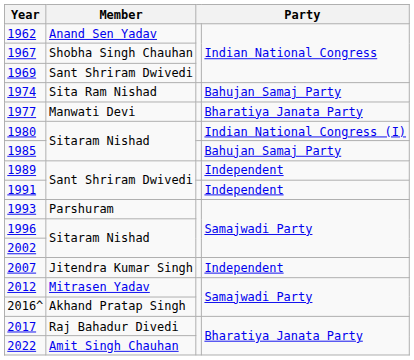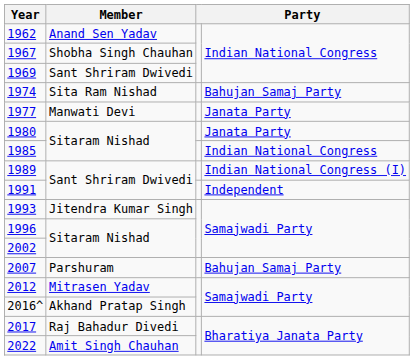 <table class="wikitable">
 <tr>
 <th>Year</th>
 <th>Member</th>
 <th colspan="2">Party</th>
 </tr>
 <tr>
 <td><a href='#'>1962</a></td>
 <td><a href='#'>Anand Sen Yadav</a></td>
 <td rowspan="3" style="background-color: "></td>
 <td rowspan="3"><a href='#'>Indian National Congress</a></td>
 </tr>
 <tr>
 <td><a href='#'>1967</a></td>
 <td>Shobha Singh Chauhan</td>
 </tr>
 <tr>
 <td><a href='#'>1969</a></td>
 <td>Sant Shriram Dwivedi</td>
 </tr>
 <tr>
 <td><a href='#'>1974</a></td>
 <td>Sita Ram Nishad</td>
 <td style="background-color: "></td>
 <td><a href='#'>Bahujan Samaj Party</a></td>
 </tr>
 <tr>
 <td><a href='#'>1977</a></td>
 <td>Manwati Devi</td>
 <td style="background-color: "></td>
-<td><a href='#'>Bharatiya Janata Party</a></td>
+<td><a href='#'>Janata Party</a></td>
 </tr>
 <tr>
 <td><a href='#'>1980</a></td>
 <td rowspan="2">Sitaram Nishad</td>
 <td style="background-color: "></td>
-<td><a href='#'>Indian National Congress (I)</a></td>
+<td><a href='#'>Janata Party</a></td>
 </tr>
 <tr>
 <td><a href='#'>1985</a></td>
 <td style="background-color: "></td>
-<td><a href='#'>Bahujan Samaj Party</a></td>
+<td><a href='#'>Indian National Congress</a></td>
 </tr>
 <tr>
 <td><a href='#'>1989</a></td>
 <td rowspan="2">Sant Shriram Dwivedi</td>
 <td style="background-color: "></td>
-<td><a href='#'>Independent</a></td>
+<td><a href='#'>Indian National Congress (I)</a></td>
 </tr>
 <tr>
 <td><a href='#'>1991</a></td>
 <td style="background-color: "></td>
 <td><a href='#'>Independent</a></td>
 </tr>
 <tr>
 <td><a href='#'>1993</a></td>
-<td>Parshuram</td>
+<td>Jitendra Kumar Singh</td>
 <td rowspan="3" style="background-color: "></td>
 <td rowspan="3"><a href='#'>Samajwadi Party</a></td>
 </tr>
 <tr>
 <td><a href='#'>1996</a></td>
 <td rowspan="2">Sitaram Nishad</td>
 </tr>
 <tr>
 <td><a href='#'>2002</a></td>
 </tr>
 <tr>
 <td><a href='#'>2007</a></td>
-<td>Jitendra Kumar Singh</td>
+<td>Parshuram</td>
 <td style="background-color: "></td>
-<td><a href='#'>Independent</a></td>
+<td><a href='#'>Bahujan Samaj Party</a></td>
 </tr>
 <tr>
 <td><a href='#'>2012</a></td>
 <td><a href='#'>Mitrasen Yadav</a></td>
 <td rowspan="2" style="background-color: "></td>
 <td rowspan="2"><a href='#'>Samajwadi Party</a></td>
 </tr>
 <tr>
 <td>2016^</td>
 <td>Akhand Pratap Singh</td>
 </tr>
 <tr>
 <td><a href='#'>2017</a></td>
 <td>Raj Bahadur Divedi</td>
 <td rowspan="2" style="background-color: "></td>
 <td rowspan="2"><a href='#'>Bharatiya Janata Party</a></td>
 </tr>
 <tr>
 <td><a href='#'>2022</a></td>
 <td><a href='#'>Amit Singh Chauhan</a></td>
 </tr>
 </table>
